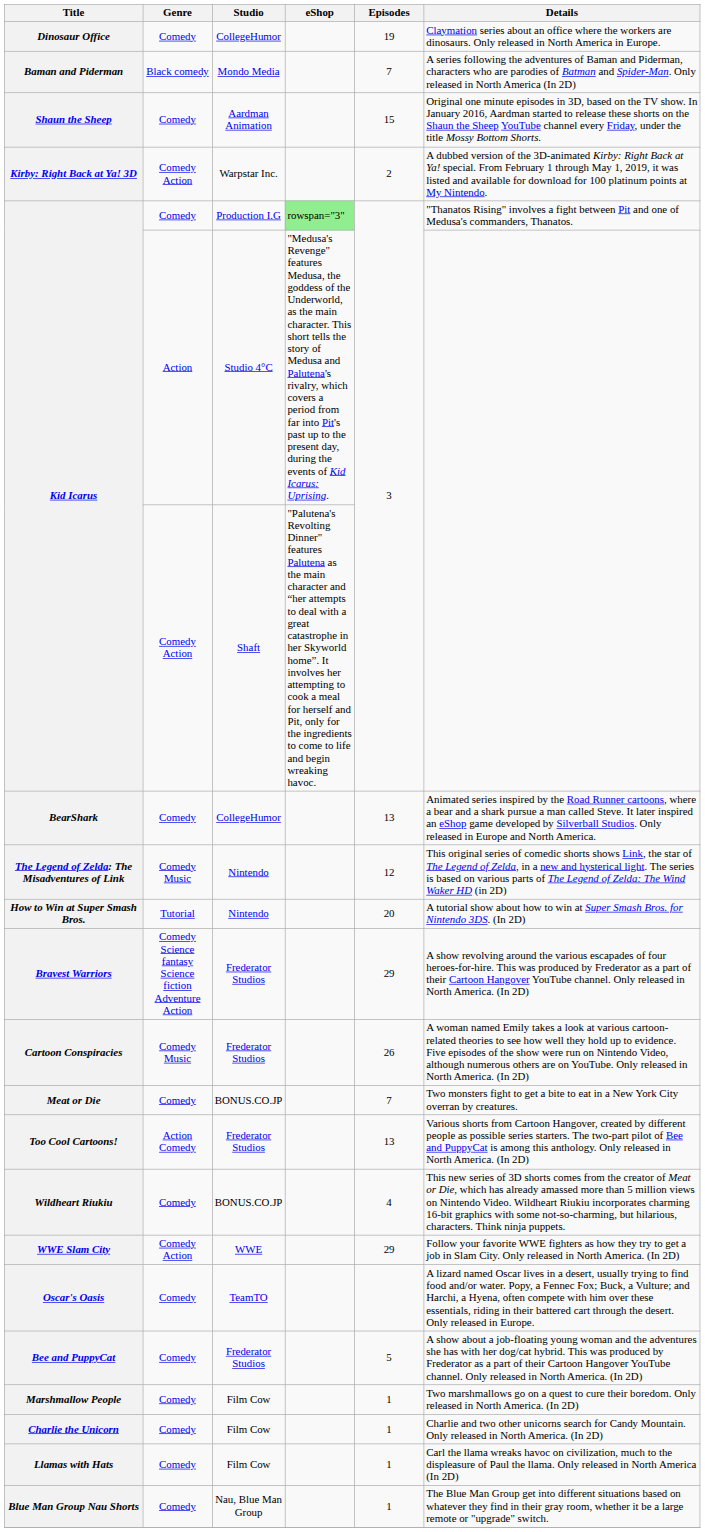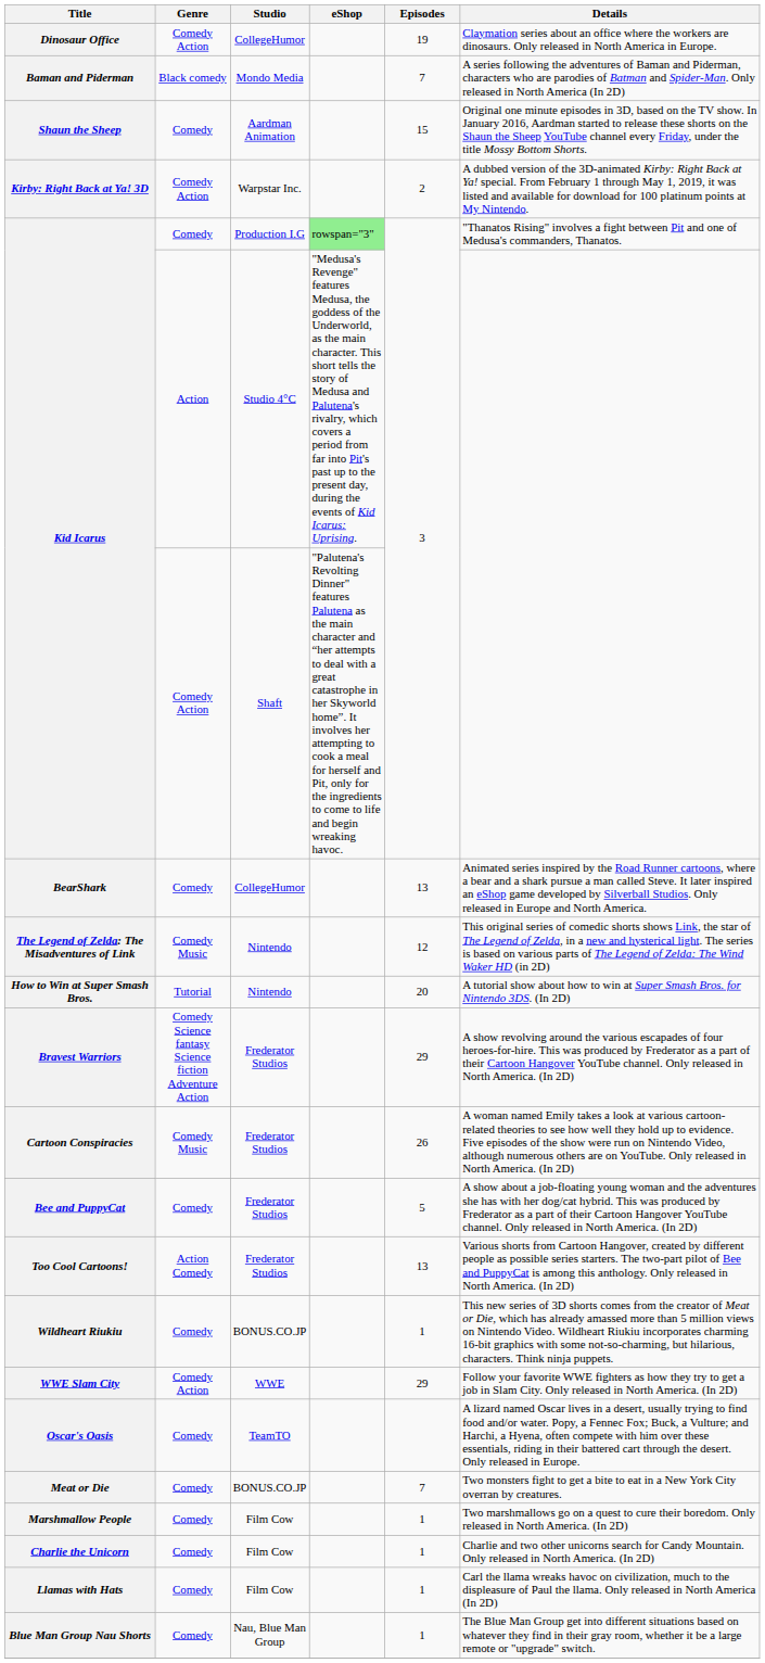 <table class="wikitable plainrowheaders" style="width: 100%; max-width: 1024px;">
 <tr>
 <th style="width:20%">Title</th>
 <th style="width:10%">Genre</th>
 <th style="width:10%">Studio</th>
 <th style="width:10%">eShop</th>
 <th style="width:10%">Episodes</th>
 <th style="width:40%">Details</th>
 </tr>
 <tr>
 <th scope="row"><em>Dinosaur Office</em></th>
-<td style="text-align:center;"><a href='#'>Comedy</a></td>
+<td style="text-align:center;"><a href='#'>Comedy</a><br><a href='#'>Action</a></td>
 <td style="text-align:center;"><a href='#'>CollegeHumor</a></td>
 <td></td>
 <td style="text-align:center;">19</td>
 <td><a href='#'>Claymation</a> series about an office where the workers are dinosaurs. Only released in North America in Europe.</td>
 </tr>
 <tr>
 <th scope="row"><em>Baman and Piderman</em></th>
 <td style="text-align:center;"><a href='#'>Black comedy</a></td>
 <td style="text-align:center;"><a href='#'>Mondo Media</a></td>
 <td></td>
 <td style="text-align:center;">7</td>
 <td>A series following the adventures of Baman and Piderman, characters who are parodies of <em><a href='#'>Batman</a></em> and <em><a href='#'>Spider-Man</a></em>. Only released in North America (In 2D)</td>
 </tr>
 <tr>
 <th scope="row"><em><a href='#'>Shaun the Sheep</a></em></th>
 <td style="text-align:center;"><a href='#'>Comedy</a></td>
 <td style="text-align:center;"><a href='#'>Aardman Animation</a></td>
 <td></td>
 <td style="text-align:center;">15</td>
 <td>Original one minute episodes in 3D, based on the TV show. In January 2016, Aardman started to release these shorts on the <a href='#'>Shaun the Sheep</a> <a href='#'>YouTube</a> channel every <a href='#'>Friday</a>, under the title <em>Mossy Bottom Shorts</em>.</td>
 </tr>
 <tr>
 <th scope="row"><em><a href='#'>Kirby: Right Back at Ya! 3D</a></em></th>
 <td style="text-align:center;"><a href='#'>Comedy</a><br><a href='#'>Action</a></td>
 <td style="text-align:center;">Warpstar Inc.</td>
 <td></td>
 <td style="text-align:center;">2</td>
 <td>A dubbed version of the 3D-animated <em>Kirby: Right Back at Ya!</em> special. From February 1 through May 1, 2019, it was listed  and available for download for 100 platinum points at <a href='#'>My Nintendo</a>.</td>
 </tr>
 <tr>
 <th scope="row" rowspan="3"><em><a href='#'>Kid Icarus</a></em></th>
 <td style="text-align:center;"><a href='#'>Comedy</a></td>
 <td style="text-align:center;"><a href='#'>Production I.G</a></td>
 <td style="background: lightgreen;">rowspan="3" </td>
 <td rowspan="3" style="text-align:center;">3 </td>
 <td>"Thanatos Rising" involves a fight between <a href='#'>Pit</a> and one of Medusa's commanders, Thanatos.</td>
 </tr>
 <tr>
 <td style="text-align:center;"><a href='#'>Action</a></td>
 <td style="text-align:center;"><a href='#'>Studio 4°C</a></td>
 <td>"Medusa's Revenge" features Medusa, the goddess of the Underworld, as the main character. This short tells the story of Medusa and <a href='#'>Palutena</a>'s rivalry, which covers a period from far into <a href='#'>Pit</a>'s past up to the present day, during the events of <em><a href='#'>Kid Icarus: Uprising</a></em>.</td>
 </tr>
 <tr>
 <td style="text-align:center;"><a href='#'>Comedy</a><br><a href='#'>Action</a></td>
 <td style="text-align:center;"><a href='#'>Shaft</a></td>
 <td>"Palutena's Revolting Dinner" features <a href='#'>Palutena</a> as the main character and “her attempts to deal with a great catastrophe in her Skyworld home”. It involves her attempting to cook a meal for herself and Pit, only for the ingredients to come to life and begin wreaking havoc.</td>
 </tr>
 <tr>
 <th scope="row"><em>BearShark</em></th>
 <td style="text-align:center;"><a href='#'>Comedy</a></td>
 <td style="text-align:center;"><a href='#'>CollegeHumor</a></td>
 <td></td>
 <td style="text-align:center;">13</td>
 <td>Animated series inspired by the <a href='#'>Road Runner cartoons</a>, where a bear and a shark pursue a man called Steve. It later inspired an <a href='#'>eShop</a> game developed by <a href='#'>Silverball Studios</a>. Only released in Europe and North America.</td>
 </tr>
 <tr>
 <th scope="row"><em><a href='#'>The Legend of Zelda</a>: The Misadventures of Link</em></th>
 <td style="text-align:center;"><a href='#'>Comedy</a> <a href='#'>Music</a></td>
 <td style="text-align:center;"><a href='#'>Nintendo</a></td>
 <td></td>
 <td style="text-align:center;">12</td>
 <td>This original series of comedic shorts shows <a href='#'>Link</a>, the star of <em><a href='#'>The Legend of Zelda</a></em>, in a <a href='#'>new and hysterical light</a>. The series is based on various parts of <em><a href='#'>The Legend of Zelda: The Wind Waker HD</a></em> (in 2D)</td>
 </tr>
 <tr>
 <th scope="row"><em>How to Win at Super Smash Bros.</em></th>
 <td style="text-align:center;"><a href='#'>Tutorial</a></td>
 <td style="text-align:center;"><a href='#'>Nintendo</a></td>
 <td></td>
 <td style="text-align:center;">20</td>
 <td>A tutorial show about how to win at <em><a href='#'>Super Smash Bros. for Nintendo 3DS</a></em>. (In 2D)</td>
 </tr>
 <tr>
 <th scope="row"><em><a href='#'>Bravest Warriors</a></em></th>
 <td style="text-align:center;"><a href='#'>Comedy</a><br><a href='#'>Science fantasy</a><br><a href='#'>Science fiction</a><br><a href='#'>Adventure</a><br><a href='#'>Action</a></td>
 <td style="text-align:center;"><a href='#'>Frederator Studios</a></td>
 <td></td>
 <td style="text-align:center;">29</td>
 <td>A show revolving around the various escapades of four heroes-for-hire. This was produced by Frederator as a part of their <a href='#'>Cartoon Hangover</a> YouTube channel. Only released in North America. (In 2D)</td>
 </tr>
 <tr>
 <th scope="row"><em>Cartoon Conspiracies</em></th>
 <td style="text-align:center;"><a href='#'>Comedy</a> <a href='#'>Music</a></td>
 <td style="text-align:center;"><a href='#'>Frederator Studios</a></td>
 <td></td>
 <td style="text-align:center;">26</td>
 <td>A woman named Emily takes a look at various cartoon-related theories to see how well they hold up to evidence. Five episodes of the show were run on Nintendo Video, although numerous others are on YouTube. Only released in North America. (In 2D)</td>
 </tr>
 <tr>
-<th scope="row"><em>Meat or Die</em></th>
+<th scope="row"><em><a href='#'>Bee and PuppyCat</a></em></th>
 <td style="text-align:center;"><a href='#'>Comedy</a></td>
-<td style="text-align:center;">BONUS.CO.JP</td>
+<td style="text-align:center;"><a href='#'>Frederator Studios</a></td>
 <td></td>
-<td style="text-align:center;">7</td>
-<td>Two monsters fight to get a bite to eat in a New York City overran by creatures.</td>
+<td style="text-align:center;">5</td>
+<td>A show about a job-floating young woman and the adventures she has with her dog/cat hybrid.  This was produced by Frederator as a part of their Cartoon Hangover YouTube channel. Only released in North America. (In 2D)</td>
 </tr>
 <tr>
 <th scope="row"><em>Too Cool Cartoons!</em></th>
 <td style="text-align:center;"><a href='#'>Action</a><br><a href='#'>Comedy</a></td>
 <td style="text-align:center;"><a href='#'>Frederator Studios</a></td>
 <td></td>
 <td style="text-align:center;">13</td>
 <td>Various shorts from Cartoon Hangover, created by different people as possible series starters. The two-part pilot of <a href='#'>Bee and PuppyCat</a> is among this anthology. Only released in North America. (In 2D)</td>
 </tr>
 <tr>
 <th scope="row"><em>Wildheart Riukiu</em></th>
 <td style="text-align:center;"><a href='#'>Comedy</a></td>
 <td style="text-align:center;">BONUS.CO.JP</td>
 <td></td>
-<td style="text-align:center;">4</td>
+<td style="text-align:center;">1</td>
 <td>This new series of 3D shorts comes from the creator of <em>Meat or Die</em>, which has already amassed more than 5 million views on Nintendo Video. Wildheart Riukiu incorporates charming 16-bit graphics with some not-so-charming, but hilarious, characters. Think ninja puppets.</td>
 </tr>
 <tr>
 <th scope="row"><em><a href='#'>WWE Slam City</a></em></th>
 <td style="text-align:center;"><a href='#'>Comedy</a> <a href='#'>Action</a></td>
 <td style="text-align:center;"><a href='#'>WWE</a></td>
 <td></td>
 <td style="text-align:center;">29</td>
 <td>Follow your favorite WWE fighters as how they try to get a job in Slam City. Only released in North America. (In 2D)</td>
 </tr>
 <tr>
 <th scope="row"><em><a href='#'>Oscar's Oasis</a></em></th>
 <td style="text-align:center;"><a href='#'>Comedy</a></td>
 <td style="text-align:center;"><a href='#'>TeamTO</a></td>
 <td></td>
 <td></td>
 <td>A lizard named Oscar lives in a desert, usually trying to find food and/or water. Popy, a Fennec Fox; Buck, a Vulture; and Harchi, a Hyena, often compete with him over these essentials, riding in their battered cart through the desert. Only released in Europe.</td>
 </tr>
 <tr>
-<th scope="row"><em><a href='#'>Bee and PuppyCat</a></em></th>
+<th scope="row"><em>Meat or Die</em></th>
 <td style="text-align:center;"><a href='#'>Comedy</a></td>
-<td style="text-align:center;"><a href='#'>Frederator Studios</a></td>
+<td style="text-align:center;">BONUS.CO.JP</td>
 <td></td>
-<td style="text-align:center;">5</td>
-<td>A show about a job-floating young woman and the adventures she has with her dog/cat hybrid.  This was produced by Frederator as a part of their Cartoon Hangover YouTube channel. Only released in North America. (In 2D)</td>
+<td style="text-align:center;">7</td>
+<td>Two monsters fight to get a bite to eat in a New York City overran by creatures.</td>
 </tr>
 <tr>
 <th scope="row"><em>Marshmallow People</em></th>
 <td style="text-align:center;"><a href='#'>Comedy</a></td>
 <td style="text-align:center;">Film Cow</td>
 <td></td>
 <td style="text-align:center;">1</td>
 <td>Two marshmallows go on a quest to cure their boredom. Only released in North America. (In 2D)</td>
 </tr>
 <tr>
 <th scope="row"><em><a href='#'>Charlie the Unicorn</a></em></th>
 <td style="text-align:center;"><a href='#'>Comedy</a></td>
 <td style="text-align:center;">Film Cow</td>
 <td></td>
 <td style="text-align:center;">1</td>
 <td>Charlie and two other unicorns search for Candy Mountain. Only released in North America. (In 2D)</td>
 </tr>
 <tr>
 <th scope="row"><em>Llamas with Hats</em></th>
 <td style="text-align:center;"><a href='#'>Comedy</a></td>
 <td style="text-align:center;">Film Cow</td>
 <td></td>
 <td style="text-align:center;">1</td>
 <td>Carl the llama wreaks havoc on civilization, much to the displeasure of Paul the llama. Only released in North America (In 2D)</td>
 </tr>
 <tr>
 <th scope="row"><em>Blue Man Group Nau Shorts</em></th>
 <td style="text-align:center;"><a href='#'>Comedy</a></td>
 <td style="text-align:center;">Nau, Blue Man Group</td>
 <td></td>
 <td style="text-align:center;">1</td>
 <td>The Blue Man Group get into different situations based on whatever they find in their gray room, whether it be a large remote or "upgrade" switch.</td>
 </tr>
 <tr>
 </tr>
 </table>
